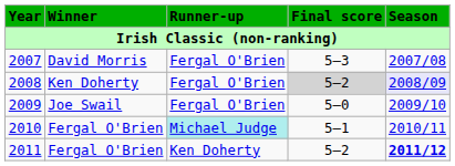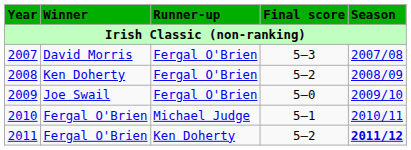 <table class="wikitable" style="margin: auto">
 <tr>
 <th style="text-align: center; background-color: #00af00">Year</th>
 <th style="text-align: left; background-color: #00af00">Winner</th>
 <th style="text-align: left; background-color: #00af00">Runner-up</th>
 <th style="text-align: left; background-color: #00af00">Final score</th>
 <th style="text-align: left; background-color: #00af00">Season</th>
 </tr>
 <tr>
 <th colspan=5 style="text-align: center; background-color: #c0ffc0">Irish Classic (non-ranking)</th>
 </tr>
 <tr>
 <td><a href='#'>2007</a></td>
 <td> <a href='#'>David Morris</a></td>
 <td> <a href='#'>Fergal O'Brien</a></td>
 <td style="text-align: center">5–3</td>
 <td><a href='#'>2007/08</a></td>
 </tr>
 <tr>
 <td><a href='#'>2008</a></td>
 <td> <a href='#'>Ken Doherty</a></td>
 <td> <a href='#'>Fergal O'Brien</a></td>
-<td style="background: lightgrey; text-align: center">5–2</td>
-<td style="background: lavender;"><a href='#'>2008/09</a></td>
+<td style="text-align: center">5–2</td>
+<td><a href='#'>2008/09</a></td>
 </tr>
 <tr>
 <td><a href='#'>2009</a></td>
 <td> <a href='#'>Joe Swail</a></td>
 <td> <a href='#'>Fergal O'Brien</a></td>
 <td style="text-align: center">5–0</td>
 <td><a href='#'>2009/10</a></td>
 </tr>
 <tr>
 <td><a href='#'>2010</a></td>
 <td> <a href='#'>Fergal O'Brien</a></td>
-<td style="background: paleturquoise;"> <a href='#'>Michael Judge</a></td>
+<td> <a href='#'>Michael Judge</a></td>
 <td style="text-align: center">5–1</td>
 <td><a href='#'>2010/11</a></td>
 </tr>
 <tr>
 <td><a href='#'>2011</a></td>
 <td> <a href='#'>Fergal O'Brien</a></td>
 <td> <a href='#'>Ken Doherty</a></td>
 <td style="text-align: center">5–2 </td>
 <td><strong><a href='#'>2011/12</a></strong></td>
 </tr>
 </table>
